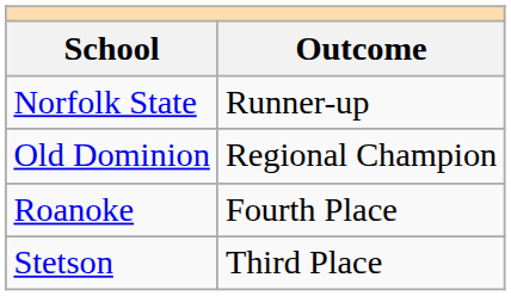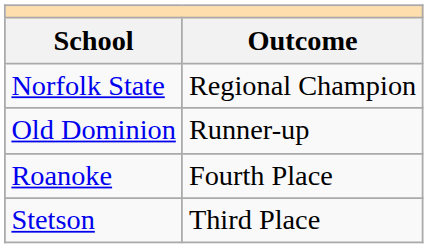 <table class="wikitable" style="float:left; margin-right:1em;">
 <tr>
 <th colspan="3" style="background:#ffdead;"></th>
 </tr>
 <tr>
 <th>School</th>
 <th>Outcome</th>
 </tr>
 <tr>
 <td><a href='#'>Norfolk State</a></td>
-<td>Runner-up</td>
+<td>Regional Champion</td>
 </tr>
 <tr>
 <td><a href='#'>Old Dominion</a></td>
-<td>Regional Champion</td>
+<td>Runner-up</td>
 </tr>
 <tr>
 <td><a href='#'>Roanoke</a></td>
 <td>Fourth Place</td>
 </tr>
 <tr>
 <td><a href='#'>Stetson</a></td>
 <td>Third Place</td>
 </tr>
 </table>
